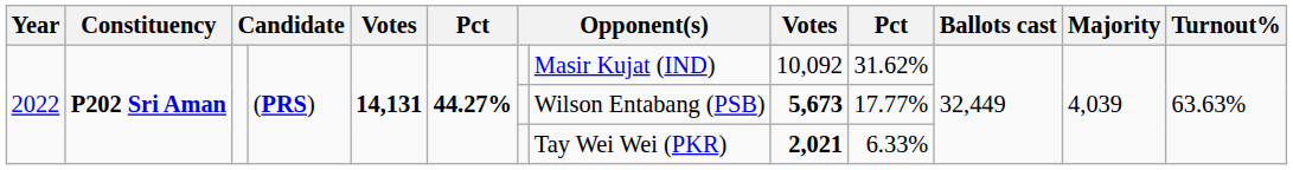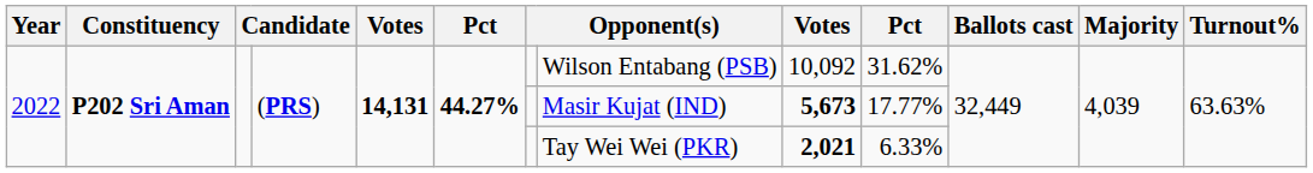 <table class="wikitable" style="margin:0.5em ; font-size:95%">
 <tr>
 <th>Year</th>
 <th>Constituency</th>
 <th colspan=2>Candidate</th>
 <th>Votes</th>
 <th>Pct</th>
 <th colspan=2>Opponent(s)</th>
 <th>Votes</th>
 <th>Pct</th>
 <th>Ballots cast</th>
 <th>Majority</th>
 <th>Turnout%</th>
 </tr>
 <tr>
 <td rowspan=3><a href='#'>2022</a></td>
 <td rowspan=3><strong>P202 <a href='#'>Sri Aman</a></strong></td>
 <td rowspan=3 ></td>
 <td rowspan=3> (<a href='#'><strong>PRS</strong></a>)</td>
 <td rowspan=3 align=right><strong>14,131</strong></td>
 <td rowspan=3><strong>44.27%</strong></td>
 <td bgcolor=></td>
-<td><a href='#'>Masir Kujat</a> (<a href='#'>IND</a>)</td>
+<td>Wilson Entabang (<a href='#'>PSB</a>)</td>
 <td align=right>10,092</td>
 <td>31.62%</td>
 <td rowspan=3>32,449</td>
 <td rowspan=3>4,039</td>
 <td rowspan=3>63.63%</td>
 </tr>
 <tr>
 <td></td>
-<td>Wilson Entabang (<a href='#'>PSB</a>)</td>
+<td><a href='#'>Masir Kujat</a> (<a href='#'>IND</a>)</td>
 <td align=right><strong>5,673</strong></td>
 <td>17.77%</td>
 </tr>
 <tr>
 <td></td>
 <td>Tay Wei Wei (<a href='#'>PKR</a>)</td>
 <td align=right><strong>2,021</strong></td>
 <td align=right>6.33%</td>
 </tr>
 </table>
